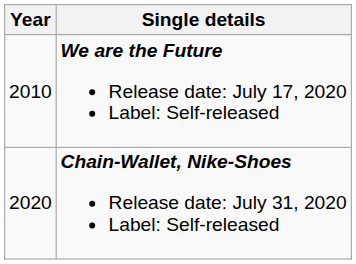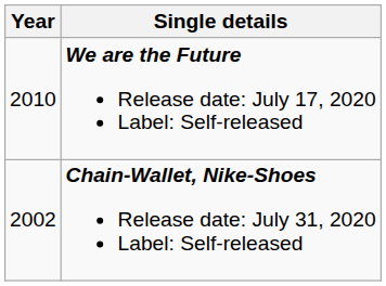 <table class="wikitable">
 <tr>
 <th>Year</th>
 <th>Single details</th>
 </tr>
 <tr>
 <td>2010</td>
 <td><strong><em>We are the Future</em></strong><br><ul><li>Release date: July 17, 2020</li><li>Label: Self-released</li></ul></td>
 </tr>
 <tr>
-<td>2020</td>
+<td>2002</td>
 <td><strong><em>Chain-Wallet, Nike-Shoes</em></strong><br><ul><li>Release date: July 31, 2020</li><li>Label: Self-released</li></ul></td>
 </tr>
 </table>
